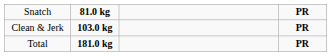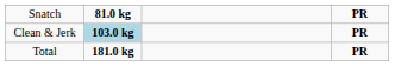 <table class = "wikitable" style="text-align:center;">
 <tr>
 <td width=100>Snatch</td>
 <td width=70><strong>81.0 kg</strong></td>
 <td width=250 align=left></td>
 <td width=70><strong>PR</strong></td>
 </tr>
 <tr>
 <td width=100>Clean & Jerk</td>
-<td width=70><strong>103.0 kg</strong></td>
+<td width=70 style="background: lightblue;"><strong>103.0 kg</strong></td>
 <td width=250 align=left></td>
 <td width=70><strong>PR</strong></td>
 </tr>
 <tr>
 <td width=100>Total</td>
 <td width=70><strong>181.0 kg</strong></td>
 <td width=250 align=left></td>
 <td width=70><strong>PR</strong></td>
 </tr>
 </table>
